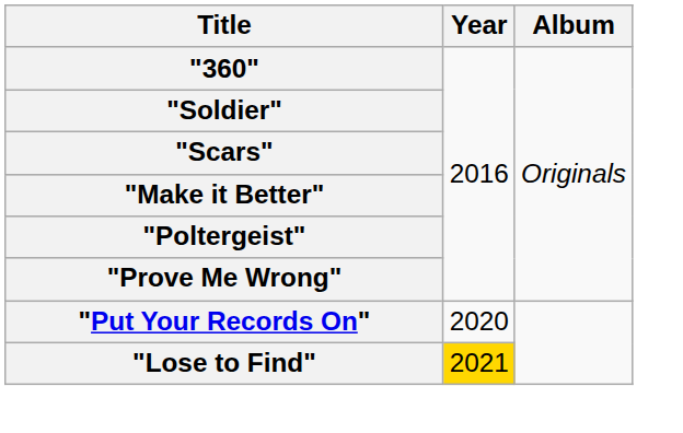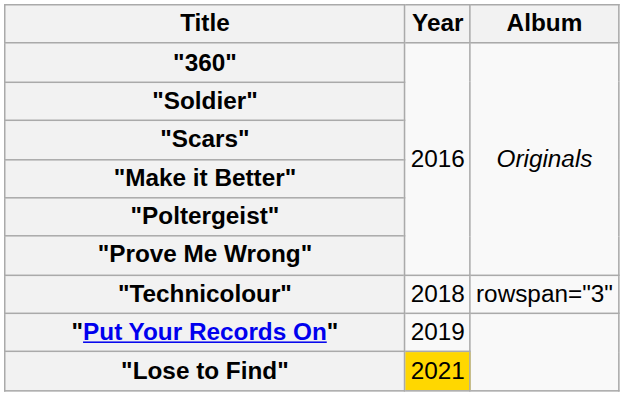 <table class="wikitable plainrowheaders" style="text-align:center;" border="1">
 <tr>
 <th scope="col"  style="width:16em;">Title</th>
 <th scope="col">Year</th>
 <th scope="col">Album</th>
 </tr>
 <tr>
 <th scope="row">"360"</th>
 <td rowspan=6>2016</td>
 <td rowspan=6><em>Originals</em></td>
 </tr>
 <tr>
 <th scope="row">"Soldier"</th>
 </tr>
 <tr>
 <th scope="row">"Scars"</th>
 </tr>
 <tr>
 <th scope="row">"Make it Better"</th>
 </tr>
 <tr>
 <th scope="row">"Poltergeist"</th>
 </tr>
 <tr>
 <th scope="row">"Prove Me Wrong"</th>
 </tr>
 <tr>
+<th scope="row">"Technicolour"</th>
+<td>2018</td>
+<td>rowspan="3" </td>
+</tr>
+<tr>
 <th scope="row">"<a href='#'>Put Your Records On</a>"</th>
-<td>2020</td>
+<td>2019</td>
 </tr>
 <tr>
 <th scope="row">"Lose to Find"</th>
 <td style="background: gold;">2021</td>
 </tr>
 </table>
